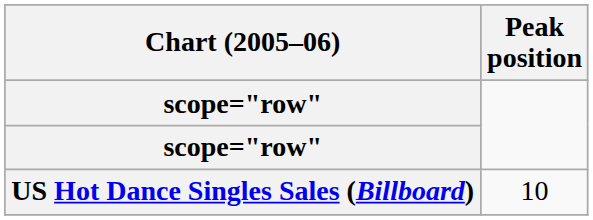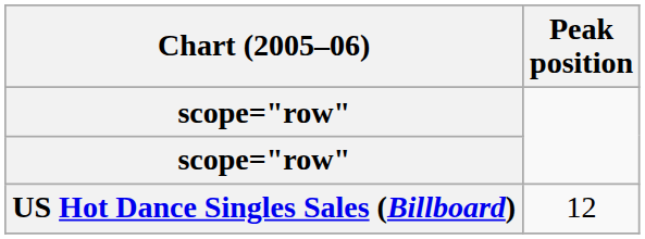 <table class="wikitable sortable plainrowheaders">
 <tr>
 <th>Chart (2005–06)</th>
 <th>Peak<br>position</th>
 </tr>
 <tr>
 <th>scope="row"</th>
 </tr>
 <tr>
 <th>scope="row"</th>
 </tr>
 <tr>
 <th scope="row">US <a href='#'>Hot Dance Singles Sales</a> (<em><a href='#'>Billboard</a></em>)</th>
-<td align=center>10</td>
+<td align=center>12</td>
 </tr>
 </table>
